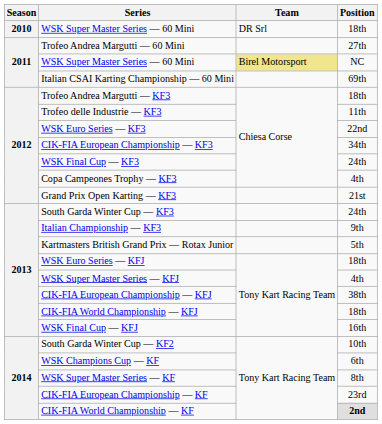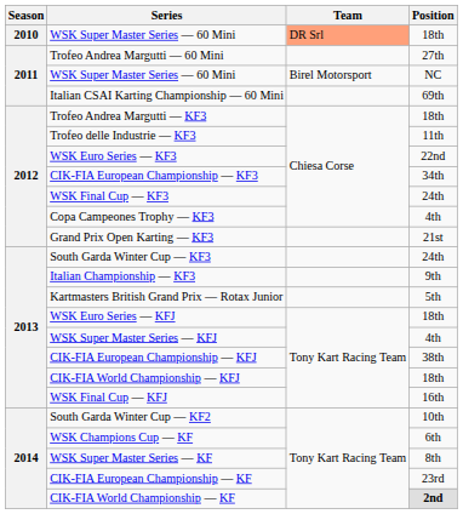 <table class="wikitable" style="font-size: 85%; text-align:center">
 <tr>
 <th>Season</th>
 <th>Series</th>
 <th>Team</th>
 <th>Position</th>
 </tr>
 <tr>
 <th>2010</th>
 <td align="left"><a href='#'>WSK Super Master Series</a> — 60 Mini</td>
-<td align="left">DR Srl</td>
+<td align="left" style="background: lightsalmon;">DR Srl</td>
 <td>18th</td>
 </tr>
 <tr>
 <th rowspan="3">2011</th>
 <td align="left">Trofeo Andrea Margutti — 60 Mini</td>
 <td align="left"></td>
 <td>27th</td>
 </tr>
 <tr>
 <td align="left"><a href='#'>WSK Super Master Series</a> — 60 Mini</td>
-<td align="left" style="background: khaki;">Birel Motorsport</td>
+<td align="left">Birel Motorsport</td>
 <td>NC</td>
 </tr>
 <tr>
 <td align="left">Italian CSAI Karting Championship — 60 Mini</td>
 <td align="left"></td>
 <td>69th</td>
 </tr>
 <tr>
 <th rowspan="7">2012</th>
 <td align="left">Trofeo Andrea Margutti — <a href='#'>KF3</a></td>
 <td rowspan="6"  align="left">Chiesa Corse</td>
 <td>18th</td>
 </tr>
 <tr>
 <td align="left">Trofeo delle Industrie — <a href='#'>KF3</a></td>
 <td>11th</td>
 </tr>
 <tr>
 <td align="left"><a href='#'>WSK Euro Series</a> — <a href='#'>KF3</a></td>
 <td>22nd</td>
 </tr>
 <tr>
 <td align="left"><a href='#'>CIK-FIA European Championship</a> — <a href='#'>KF3</a></td>
 <td>34th</td>
 </tr>
 <tr>
 <td align="left"><a href='#'>WSK Final Cup</a> — <a href='#'>KF3</a></td>
 <td>24th</td>
 </tr>
 <tr>
 <td align="left">Copa Campeones Trophy — <a href='#'>KF3</a></td>
 <td>4th</td>
 </tr>
 <tr>
 <td align="left">Grand Prix Open Karting — <a href='#'>KF3</a></td>
 <td align="left"></td>
 <td>21st</td>
 </tr>
 <tr>
 <th rowspan="8">2013</th>
 <td align="left">South Garda Winter Cup — <a href='#'>KF3</a></td>
 <td align="left"></td>
 <td>24th</td>
 </tr>
 <tr>
 <td align="left"><a href='#'>Italian Championship</a> — <a href='#'>KF3</a></td>
 <td align="left"></td>
 <td>9th</td>
 </tr>
 <tr>
 <td align="left">Kartmasters British Grand Prix — Rotax Junior</td>
 <td align="left"></td>
 <td>5th</td>
 </tr>
 <tr>
 <td align="left"><a href='#'>WSK Euro Series</a> — <a href='#'>KFJ</a></td>
 <td rowspan="5"  align="left">Tony Kart Racing Team</td>
 <td>18th</td>
 </tr>
 <tr>
 <td align="left"><a href='#'>WSK Super Master Series</a> — <a href='#'>KFJ</a></td>
 <td>4th</td>
 </tr>
 <tr>
 <td align="left"><a href='#'>CIK-FIA European Championship</a> — <a href='#'>KFJ</a></td>
 <td>38th</td>
 </tr>
 <tr>
 <td align="left"><a href='#'>CIK-FIA World Championship</a> — <a href='#'>KFJ</a></td>
 <td>18th</td>
 </tr>
 <tr>
 <td align="left"><a href='#'>WSK Final Cup</a> — <a href='#'>KFJ</a></td>
 <td>16th</td>
 </tr>
 <tr>
 <th rowspan="5">2014</th>
 <td align="left">South Garda Winter Cup — <a href='#'>KF2</a></td>
 <td rowspan="5">Tony Kart Racing Team</td>
 <td>10th</td>
 </tr>
 <tr>
 <td align="left"><a href='#'>WSK Champions Cup</a> — <a href='#'>KF</a></td>
 <td>6th</td>
 </tr>
 <tr>
 <td align="left"><a href='#'>WSK Super Master Series</a> — <a href='#'>KF</a></td>
 <td>8th</td>
 </tr>
 <tr>
 <td align="left"><a href='#'>CIK-FIA European Championship</a> — <a href='#'>KF</a></td>
 <td>23rd</td>
 </tr>
 <tr>
 <td align="left"><a href='#'>CIK-FIA World Championship</a> — <a href='#'>KF</a></td>
 <td style="background:#DFDFDF;"><strong>2nd</strong></td>
 </tr>
 </table>
